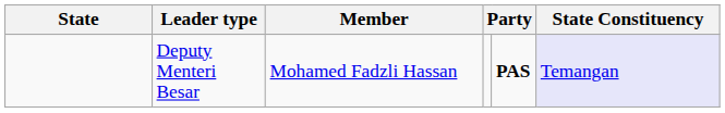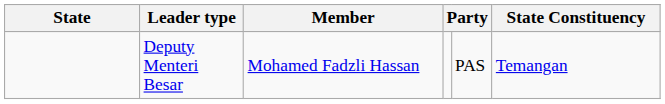 <table class ="wikitable sortable">
 <tr>
 <th style="width:120px;">State</th>
 <th style="width:90px;">Leader type</th>
 <th style="width:180px;">Member</th>
 <th style="width:40px;" colspan=2>Party</th>
 <th style="width:150px;">State Constituency</th>
 </tr>
 <tr>
 <td></td>
 <td><a href='#'>Deputy Menteri Besar</a></td>
 <td><a href='#'>Mohamed Fadzli Hassan</a></td>
 <td style="background:"></td>
-<td><strong>PAS</strong></td>
-<td style="background: lavender;"><a href='#'>Temangan</a></td>
+<td>PAS</td>
+<td><a href='#'>Temangan</a></td>
 </tr>
 </table>
